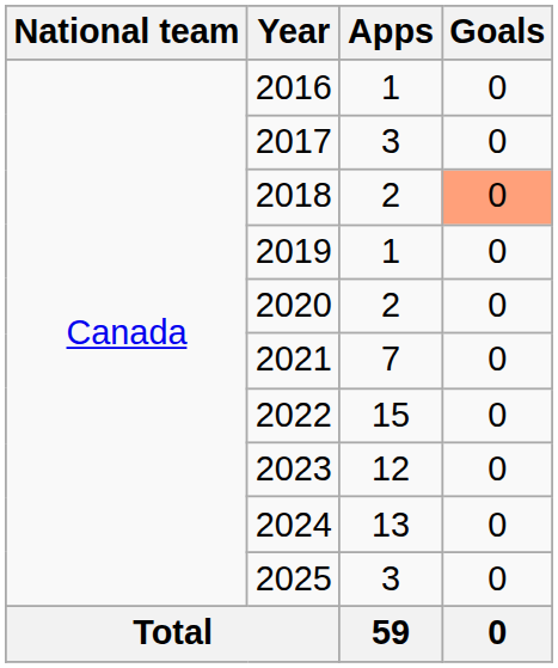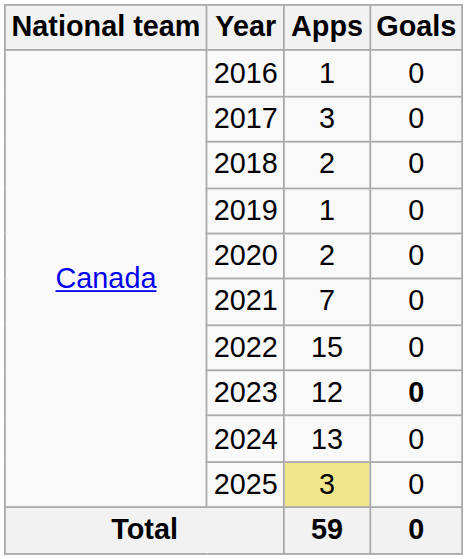 <table class="wikitable" style="text-align:center">
 <tr>
 <th>National team</th>
 <th>Year</th>
 <th>Apps</th>
 <th>Goals</th>
 </tr>
 <tr>
 <td rowspan="10"><a href='#'>Canada</a></td>
 <td>2016</td>
 <td>1</td>
 <td>0</td>
 </tr>
 <tr>
 <td>2017</td>
 <td>3</td>
 <td>0</td>
 </tr>
 <tr>
 <td>2018</td>
 <td>2</td>
-<td style="background: lightsalmon;">0</td>
+<td>0</td>
 </tr>
 <tr>
 <td>2019</td>
 <td>1</td>
 <td>0</td>
 </tr>
 <tr>
 <td>2020</td>
 <td>2</td>
 <td>0</td>
 </tr>
 <tr>
 <td>2021</td>
 <td>7</td>
 <td>0</td>
 </tr>
 <tr>
 <td>2022</td>
 <td>15</td>
 <td>0</td>
 </tr>
 <tr>
 <td>2023</td>
 <td>12</td>
-<td>0</td>
+<td><strong>0</strong></td>
 </tr>
 <tr>
 <td>2024</td>
 <td>13</td>
 <td>0</td>
 </tr>
 <tr>
 <td>2025</td>
-<td>3</td>
+<td style="background: khaki;">3</td>
 <td>0</td>
 </tr>
 <tr>
 <th colspan="2">Total</th>
 <th>59</th>
 <th>0</th>
 </tr>
 </table>
